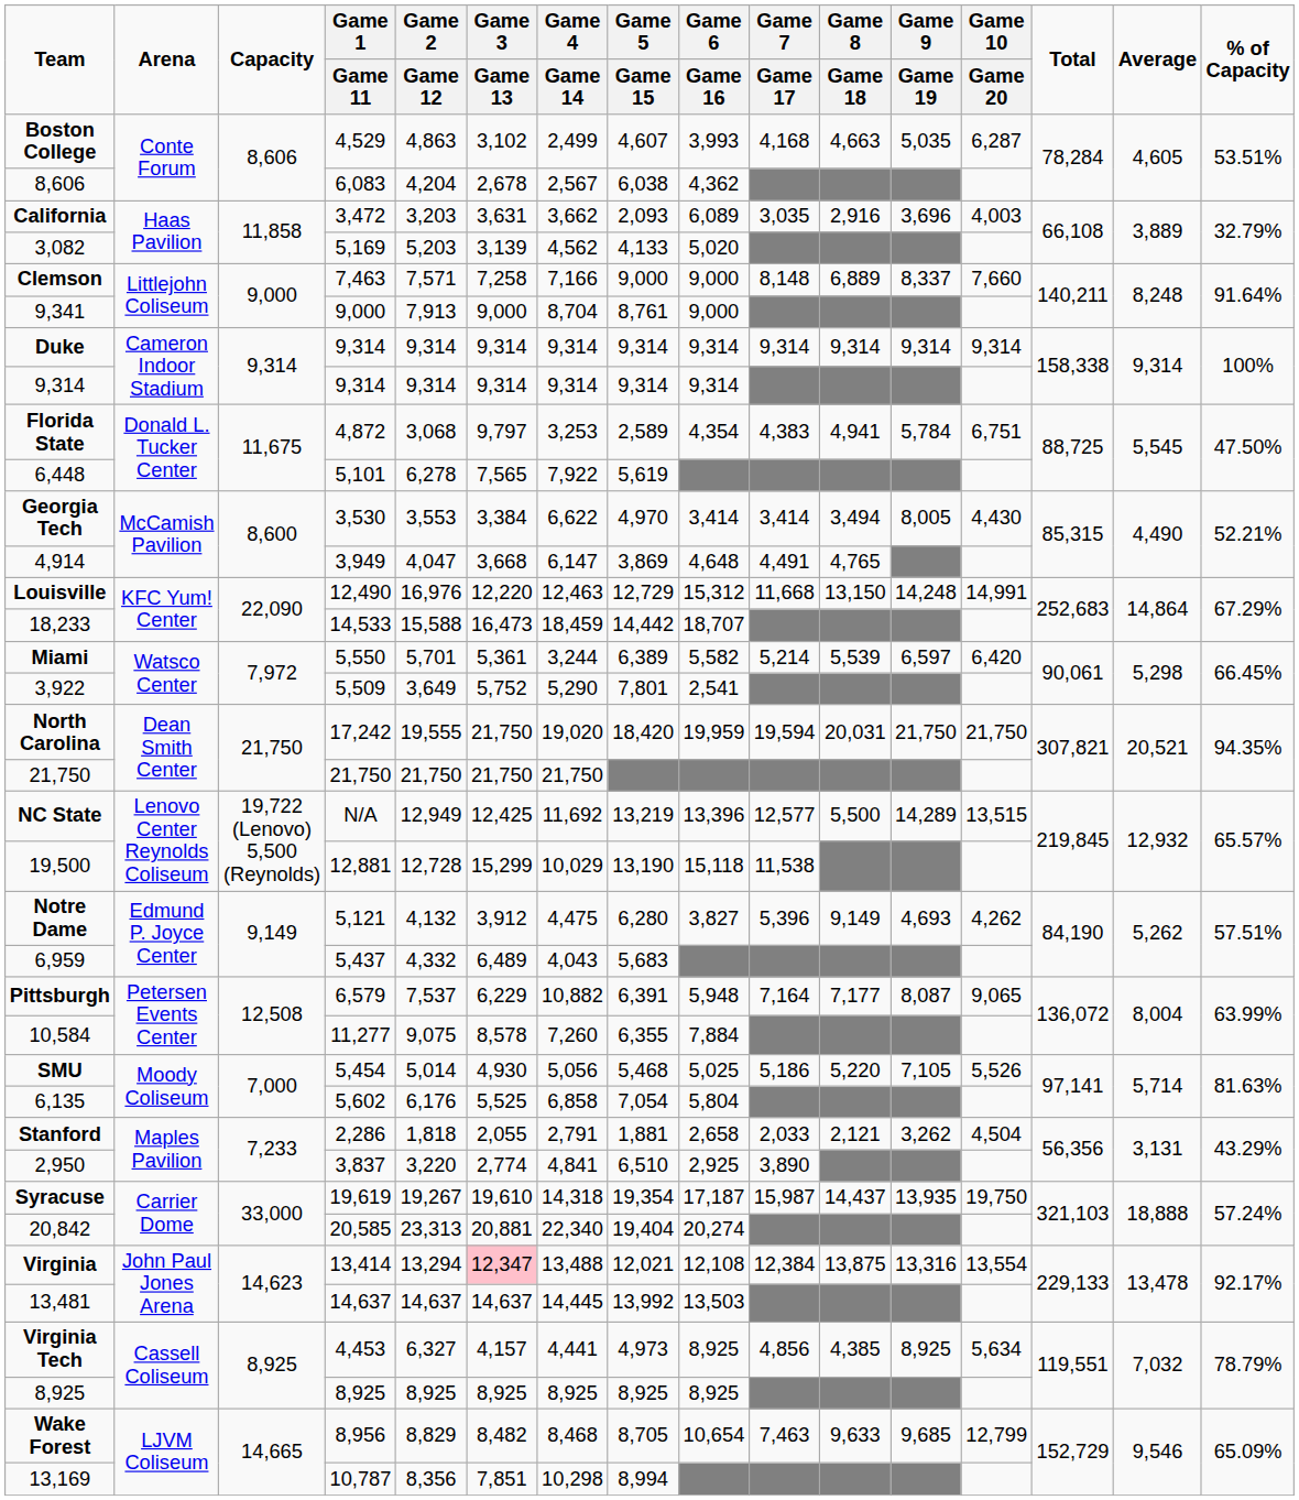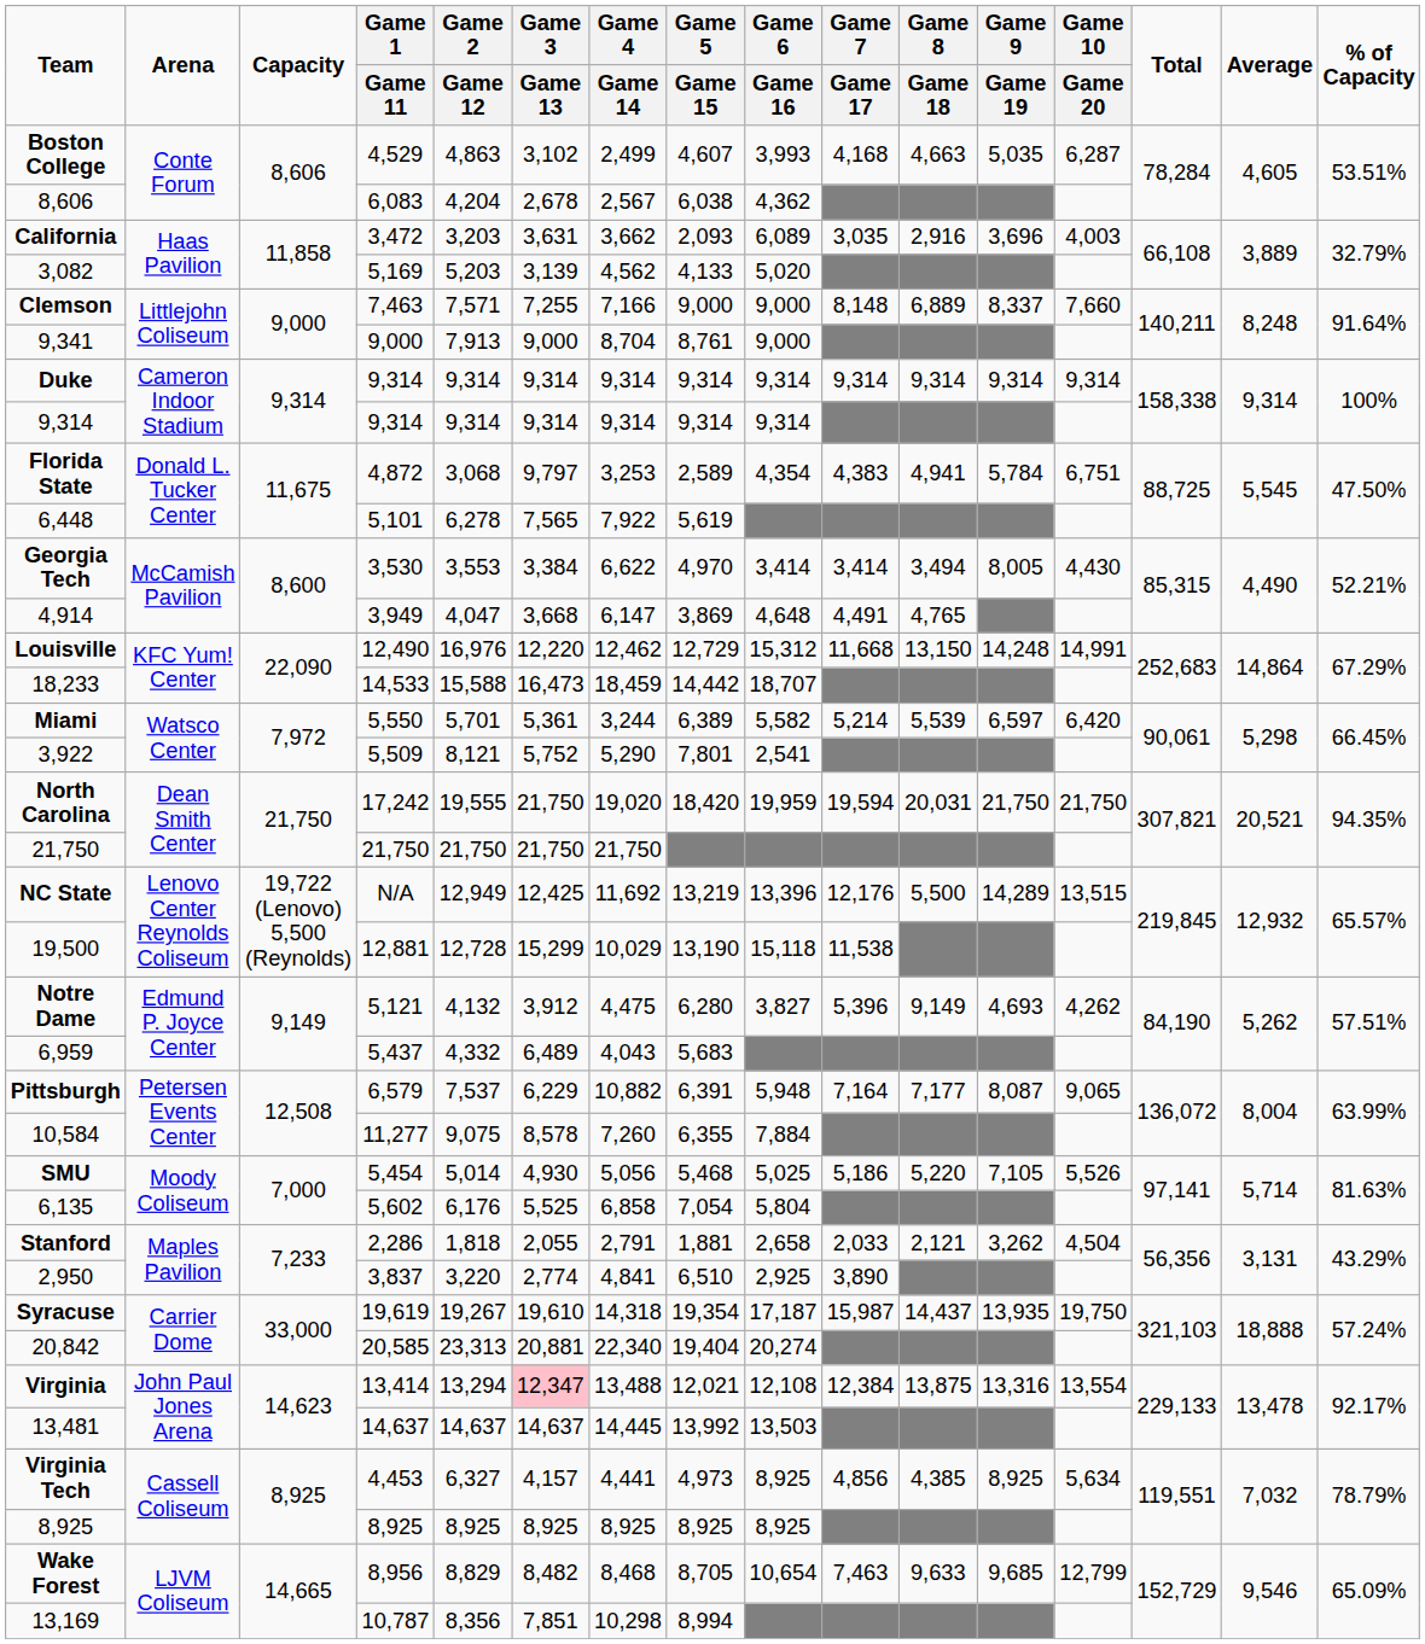 <table class="wikitable sortable" style="text-align:center;">
 <tr>
 <td rowspan=2><strong>Team</strong></td>
 <td rowspan=2><strong>Arena</strong></td>
 <td rowspan=2><strong>Capacity</strong></td>
 <th>Game 1</th>
 <th>Game 2</th>
 <th>Game 3</th>
 <th>Game 4</th>
 <th>Game 5</th>
 <th>Game 6</th>
 <th>Game 7</th>
 <th>Game 8</th>
 <th>Game 9</th>
 <th>Game 10</th>
 <td rowspan=2><strong>Total</strong></td>
 <td rowspan=2><strong>Average</strong></td>
 <td rowspan=2><strong>% of Capacity</strong></td>
 </tr>
 <tr>
 <th>Game 11</th>
 <th>Game 12</th>
 <th>Game 13</th>
 <th>Game 14</th>
 <th>Game 15</th>
 <th>Game 16</th>
 <th>Game 17</th>
 <th>Game 18</th>
 <th>Game 19</th>
 <th>Game 20</th>
 </tr>
 <tr>
 <td><strong>Boston College</strong></td>
 <td rowspan=2><a href='#'>Conte Forum</a></td>
 <td rowspan=2>8,606</td>
 <td>4,529</td>
 <td>4,863</td>
 <td>3,102</td>
 <td>2,499</td>
 <td>4,607</td>
 <td>3,993</td>
 <td>4,168</td>
 <td>4,663</td>
 <td>5,035</td>
 <td>6,287</td>
 <td rowspan=2>78,284</td>
 <td rowspan=2>4,605</td>
 <td rowspan=2>53.51%</td>
 </tr>
 <tr>
 <td>8,606</td>
 <td>6,083</td>
 <td>4,204</td>
 <td>2,678</td>
 <td>2,567</td>
 <td>6,038</td>
 <td>4,362</td>
 <td style="background:#808080;"></td>
 <td style="background:#808080;"></td>
 <td style="background:#808080;"></td>
 </tr>
 <tr>
 <td><strong>California</strong></td>
 <td rowspan=2><a href='#'>Haas Pavilion</a></td>
 <td rowspan=2>11,858</td>
 <td>3,472</td>
 <td>3,203</td>
 <td>3,631</td>
 <td>3,662</td>
 <td>2,093</td>
 <td>6,089</td>
 <td>3,035</td>
 <td>2,916</td>
 <td>3,696</td>
 <td>4,003</td>
 <td rowspan=2>66,108</td>
 <td rowspan=2>3,889</td>
 <td rowspan=2>32.79%</td>
 </tr>
 <tr>
 <td>3,082</td>
 <td>5,169</td>
 <td>5,203</td>
 <td>3,139</td>
 <td>4,562</td>
 <td>4,133</td>
 <td>5,020</td>
 <td style="background:#808080;"></td>
 <td style="background:#808080;"></td>
 <td style="background:#808080;"></td>
 </tr>
 <tr>
 <td><strong>Clemson</strong></td>
 <td rowspan=2><a href='#'>Littlejohn Coliseum</a></td>
 <td rowspan=2>9,000</td>
 <td>7,463</td>
 <td>7,571</td>
-<td>7,258</td>
+<td>7,255</td>
 <td>7,166</td>
 <td>9,000</td>
 <td>9,000</td>
 <td>8,148</td>
 <td>6,889</td>
 <td>8,337</td>
 <td>7,660</td>
 <td rowspan=2>140,211</td>
 <td rowspan=2>8,248</td>
 <td rowspan=2>91.64%</td>
 </tr>
 <tr>
 <td>9,341</td>
 <td>9,000</td>
 <td>7,913</td>
 <td>9,000</td>
 <td>8,704</td>
 <td>8,761</td>
 <td>9,000</td>
 <td style="background:#808080;"></td>
 <td style="background:#808080;"></td>
 <td style="background:#808080;"></td>
 </tr>
 <tr>
 <td><strong>Duke</strong></td>
 <td rowspan=2><a href='#'>Cameron Indoor Stadium</a></td>
 <td rowspan=2>9,314</td>
 <td>9,314</td>
 <td>9,314</td>
 <td>9,314</td>
 <td>9,314</td>
 <td>9,314</td>
 <td>9,314</td>
 <td>9,314</td>
 <td>9,314</td>
 <td>9,314</td>
 <td>9,314</td>
 <td rowspan=2>158,338</td>
 <td rowspan=2>9,314</td>
 <td rowspan=2>100%</td>
 </tr>
 <tr>
 <td>9,314</td>
 <td>9,314</td>
 <td>9,314</td>
 <td>9,314</td>
 <td>9,314</td>
 <td>9,314</td>
 <td>9,314</td>
 <td style="background:#808080;"></td>
 <td style="background:#808080;"></td>
 <td style="background:#808080;"></td>
 </tr>
 <tr>
 <td><strong>Florida State</strong></td>
 <td rowspan=2><a href='#'>Donald L. Tucker Center</a></td>
 <td rowspan=2>11,675</td>
 <td>4,872</td>
 <td>3,068</td>
 <td>9,797</td>
 <td>3,253</td>
 <td>2,589</td>
 <td>4,354</td>
 <td>4,383</td>
 <td>4,941</td>
 <td>5,784</td>
 <td>6,751</td>
 <td rowspan=2>88,725</td>
 <td rowspan=2>5,545</td>
 <td rowspan=2>47.50%</td>
 </tr>
 <tr>
 <td>6,448</td>
 <td>5,101</td>
 <td>6,278</td>
 <td>7,565</td>
 <td>7,922</td>
 <td>5,619</td>
 <td style="background:#808080;"></td>
 <td style="background:#808080;"></td>
 <td style="background:#808080;"></td>
 <td style="background:#808080;"></td>
 </tr>
 <tr>
 <td><strong>Georgia Tech</strong></td>
 <td rowspan=2><a href='#'>McCamish Pavilion</a></td>
 <td rowspan=2>8,600</td>
 <td>3,530</td>
 <td>3,553</td>
 <td>3,384</td>
 <td>6,622</td>
 <td>4,970</td>
 <td>3,414</td>
 <td>3,414</td>
 <td>3,494</td>
 <td>8,005</td>
 <td>4,430</td>
 <td rowspan=2>85,315</td>
 <td rowspan=2>4,490</td>
 <td rowspan=2>52.21%</td>
 </tr>
 <tr>
 <td>4,914</td>
 <td>3,949</td>
 <td>4,047</td>
 <td>3,668</td>
 <td>6,147</td>
 <td>3,869</td>
 <td>4,648</td>
 <td>4,491</td>
 <td>4,765</td>
 <td style="background:#808080;"></td>
 </tr>
 <tr>
 <td><strong>Louisville</strong></td>
 <td rowspan=2><a href='#'>KFC Yum! Center</a></td>
 <td rowspan=2>22,090</td>
 <td>12,490</td>
 <td>16,976</td>
 <td>12,220</td>
-<td>12,463</td>
+<td>12,462</td>
 <td>12,729</td>
 <td>15,312</td>
 <td>11,668</td>
 <td>13,150</td>
 <td>14,248</td>
 <td>14,991</td>
 <td rowspan=2>252,683</td>
 <td rowspan=2>14,864</td>
 <td rowspan=2>67.29%</td>
 </tr>
 <tr>
 <td>18,233</td>
 <td>14,533</td>
 <td>15,588</td>
 <td>16,473</td>
 <td>18,459</td>
 <td>14,442</td>
 <td>18,707</td>
 <td style="background:#808080;"></td>
 <td style="background:#808080;"></td>
 <td style="background:#808080;"></td>
 </tr>
 <tr>
 <td><strong>Miami</strong></td>
 <td rowspan=2><a href='#'>Watsco Center</a></td>
 <td rowspan=2>7,972</td>
 <td>5,550</td>
 <td>5,701</td>
 <td>5,361</td>
 <td>3,244</td>
 <td>6,389</td>
 <td>5,582</td>
 <td>5,214</td>
 <td>5,539</td>
 <td>6,597</td>
 <td>6,420</td>
 <td rowspan=2>90,061</td>
 <td rowspan=2>5,298</td>
 <td rowspan=2>66.45%</td>
 </tr>
 <tr>
 <td>3,922</td>
 <td>5,509</td>
-<td>3,649</td>
+<td>8,121</td>
 <td>5,752</td>
 <td>5,290</td>
 <td>7,801</td>
 <td>2,541</td>
 <td style="background:#808080;"></td>
 <td style="background:#808080;"></td>
 <td style="background:#808080;"></td>
 </tr>
 <tr>
 <td><strong>North Carolina</strong></td>
 <td rowspan=2><a href='#'>Dean Smith Center</a></td>
 <td rowspan=2>21,750</td>
 <td>17,242</td>
 <td>19,555</td>
 <td>21,750</td>
 <td>19,020</td>
 <td>18,420</td>
 <td>19,959</td>
 <td>19,594</td>
 <td>20,031</td>
 <td>21,750</td>
 <td>21,750</td>
 <td rowspan=2>307,821</td>
 <td rowspan=2>20,521</td>
 <td rowspan=2>94.35%</td>
 </tr>
 <tr>
 <td>21,750</td>
 <td>21,750</td>
 <td>21,750</td>
 <td>21,750</td>
 <td>21,750</td>
 <td style="background:#808080;"></td>
 <td style="background:#808080;"></td>
 <td style="background:#808080;"></td>
 <td style="background:#808080;"></td>
 <td style="background:#808080;"></td>
 </tr>
 <tr>
 <td><strong>NC State</strong></td>
 <td rowspan=2><a href='#'>Lenovo Center</a><br><a href='#'>Reynolds Coliseum</a></td>
 <td rowspan=2>19,722 (Lenovo)<br>5,500 (Reynolds)</td>
 <td>N/A</td>
 <td>12,949</td>
 <td>12,425</td>
 <td>11,692</td>
 <td>13,219</td>
 <td>13,396</td>
-<td>12,577</td>
+<td>12,176</td>
 <td>5,500</td>
 <td>14,289</td>
 <td>13,515</td>
 <td rowspan=2>219,845</td>
 <td rowspan=2>12,932</td>
 <td rowspan=2>65.57%</td>
 </tr>
 <tr>
 <td>19,500</td>
 <td>12,881</td>
 <td>12,728</td>
 <td>15,299</td>
 <td>10,029</td>
 <td>13,190</td>
 <td>15,118</td>
 <td>11,538</td>
 <td style="background:#808080;"></td>
 <td style="background:#808080;"></td>
 </tr>
 <tr>
 <td><strong>Notre Dame</strong></td>
 <td rowspan=2><a href='#'>Edmund P. Joyce Center</a></td>
 <td rowspan=2>9,149</td>
 <td>5,121</td>
 <td>4,132</td>
 <td>3,912</td>
 <td>4,475</td>
 <td>6,280</td>
 <td>3,827</td>
 <td>5,396</td>
 <td>9,149</td>
 <td>4,693</td>
 <td>4,262</td>
 <td rowspan=2>84,190</td>
 <td rowspan=2>5,262</td>
 <td rowspan=2>57.51%</td>
 </tr>
 <tr>
 <td>6,959</td>
 <td>5,437</td>
 <td>4,332</td>
 <td>6,489</td>
 <td>4,043</td>
 <td>5,683</td>
 <td style="background:#808080;"></td>
 <td style="background:#808080;"></td>
 <td style="background:#808080;"></td>
 <td style="background:#808080;"></td>
 </tr>
 <tr>
 <td><strong>Pittsburgh</strong></td>
 <td rowspan=2><a href='#'>Petersen Events Center</a></td>
 <td rowspan=2>12,508</td>
 <td>6,579</td>
 <td>7,537</td>
 <td>6,229</td>
 <td>10,882</td>
 <td>6,391</td>
 <td>5,948</td>
 <td>7,164</td>
 <td>7,177</td>
 <td>8,087</td>
 <td>9,065</td>
 <td rowspan=2>136,072</td>
 <td rowspan=2>8,004</td>
 <td rowspan=2>63.99%</td>
 </tr>
 <tr>
 <td>10,584</td>
 <td>11,277</td>
 <td>9,075</td>
 <td>8,578</td>
 <td>7,260</td>
 <td>6,355</td>
 <td>7,884</td>
 <td style="background:#808080;"></td>
 <td style="background:#808080;"></td>
 <td style="background:#808080;"></td>
 </tr>
 <tr>
 <td><strong>SMU</strong></td>
 <td rowspan=2><a href='#'>Moody Coliseum</a></td>
 <td rowspan=2>7,000</td>
 <td>5,454</td>
 <td>5,014</td>
 <td>4,930</td>
 <td>5,056</td>
 <td>5,468</td>
 <td>5,025</td>
 <td>5,186</td>
 <td>5,220</td>
 <td>7,105</td>
 <td>5,526</td>
 <td rowspan=2>97,141</td>
 <td rowspan=2>5,714</td>
 <td rowspan=2>81.63%</td>
 </tr>
 <tr>
 <td>6,135</td>
 <td>5,602</td>
 <td>6,176</td>
 <td>5,525</td>
 <td>6,858</td>
 <td>7,054</td>
 <td>5,804</td>
 <td style="background:#808080;"></td>
 <td style="background:#808080;"></td>
 <td style="background:#808080;"></td>
 </tr>
 <tr>
 <td><strong>Stanford</strong></td>
 <td rowspan=2><a href='#'>Maples Pavilion</a></td>
 <td rowspan=2>7,233</td>
 <td>2,286</td>
 <td>1,818</td>
 <td>2,055</td>
 <td>2,791</td>
 <td>1,881</td>
 <td>2,658</td>
 <td>2,033</td>
 <td>2,121</td>
 <td>3,262</td>
 <td>4,504</td>
 <td rowspan=2>56,356</td>
 <td rowspan=2>3,131</td>
 <td rowspan=2>43.29%</td>
 </tr>
 <tr>
 <td>2,950</td>
 <td>3,837</td>
 <td>3,220</td>
 <td>2,774</td>
 <td>4,841</td>
 <td>6,510</td>
 <td>2,925</td>
 <td>3,890</td>
 <td style="background:#808080;"></td>
 <td style="background:#808080;"></td>
 </tr>
 <tr>
 <td><strong>Syracuse</strong></td>
 <td rowspan=2><a href='#'>Carrier Dome</a></td>
 <td rowspan=2>33,000</td>
 <td>19,619</td>
 <td>19,267</td>
 <td>19,610</td>
 <td>14,318</td>
 <td>19,354</td>
 <td>17,187</td>
 <td>15,987</td>
 <td>14,437</td>
 <td>13,935</td>
 <td>19,750</td>
 <td rowspan=2>321,103</td>
 <td rowspan=2>18,888</td>
 <td rowspan=2>57.24%</td>
 </tr>
 <tr>
 <td>20,842</td>
 <td>20,585</td>
 <td>23,313</td>
 <td>20,881</td>
 <td>22,340</td>
 <td>19,404</td>
 <td>20,274</td>
 <td style="background:#808080;"></td>
 <td style="background:#808080;"></td>
 <td style="background:#808080;"></td>
 </tr>
 <tr>
 <td><strong>Virginia</strong></td>
 <td rowspan=2><a href='#'>John Paul Jones Arena</a></td>
 <td rowspan=2>14,623</td>
 <td>13,414</td>
 <td>13,294</td>
 <td style="background: pink;">12,347</td>
 <td>13,488</td>
 <td>12,021</td>
 <td>12,108</td>
 <td>12,384</td>
 <td>13,875</td>
 <td>13,316</td>
 <td>13,554</td>
 <td rowspan=2>229,133</td>
 <td rowspan=2>13,478</td>
 <td rowspan=2>92.17%</td>
 </tr>
 <tr>
 <td>13,481</td>
 <td>14,637</td>
 <td>14,637</td>
 <td>14,637</td>
 <td>14,445</td>
 <td>13,992</td>
 <td>13,503</td>
 <td style="background:#808080;"></td>
 <td style="background:#808080;"></td>
 <td style="background:#808080;"></td>
 </tr>
 <tr>
 <td><strong>Virginia Tech</strong></td>
 <td rowspan=2><a href='#'>Cassell Coliseum</a></td>
 <td rowspan=2>8,925</td>
 <td>4,453</td>
 <td>6,327</td>
 <td>4,157</td>
 <td>4,441</td>
 <td>4,973</td>
 <td>8,925</td>
 <td>4,856</td>
 <td>4,385</td>
 <td>8,925</td>
 <td>5,634</td>
 <td rowspan=2>119,551</td>
 <td rowspan=2>7,032</td>
 <td rowspan=2>78.79%</td>
 </tr>
 <tr>
 <td>8,925</td>
 <td>8,925</td>
 <td>8,925</td>
 <td>8,925</td>
 <td>8,925</td>
 <td>8,925</td>
 <td>8,925</td>
 <td style="background:#808080;"></td>
 <td style="background:#808080;"></td>
 <td style="background:#808080;"></td>
 </tr>
 <tr>
 <td><strong>Wake Forest</strong></td>
 <td rowspan=2><a href='#'>LJVM Coliseum</a></td>
 <td rowspan=2>14,665</td>
 <td>8,956</td>
 <td>8,829</td>
 <td>8,482</td>
 <td>8,468</td>
 <td>8,705</td>
 <td>10,654</td>
 <td>7,463</td>
 <td>9,633</td>
 <td>9,685</td>
 <td>12,799</td>
 <td rowspan=2>152,729</td>
 <td rowspan=2>9,546</td>
 <td rowspan=2>65.09%</td>
 </tr>
 <tr>
 <td>13,169</td>
 <td>10,787</td>
 <td>8,356</td>
 <td>7,851</td>
 <td>10,298</td>
 <td>8,994</td>
 <td style="background:#808080;"></td>
 <td style="background:#808080;"></td>
 <td style="background:#808080;"></td>
 <td style="background:#808080;"></td>
 </tr>
 </table>
